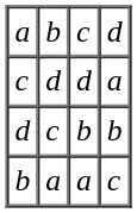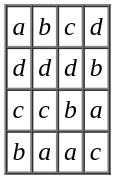 <table border="1" cellspacing="0" cellpadding="3" style="margin:1em auto;">
 <tr>
 <td><em>a</em></td>
 <td><em>b</em></td>
 <td><em>c</em></td>
 <td><em>d</em></td>
 </tr>
 <tr>
-<td><em>c</em></td>
 <td><em>d</em></td>
 <td><em>d</em></td>
-<td><em>a</em></td>
+<td><em>d</em></td>
+<td><em>b</em></td>
 </tr>
 <tr>
-<td><em>d</em></td>
+<td><em>c</em></td>
 <td><em>c</em></td>
 <td><em>b</em></td>
-<td><em>b</em></td>
+<td><em>a</em></td>
 </tr>
 <tr>
 <td><em>b</em></td>
 <td><em>a</em></td>
 <td><em>a</em></td>
 <td><em>c</em></td>
 </tr>
 </table>
